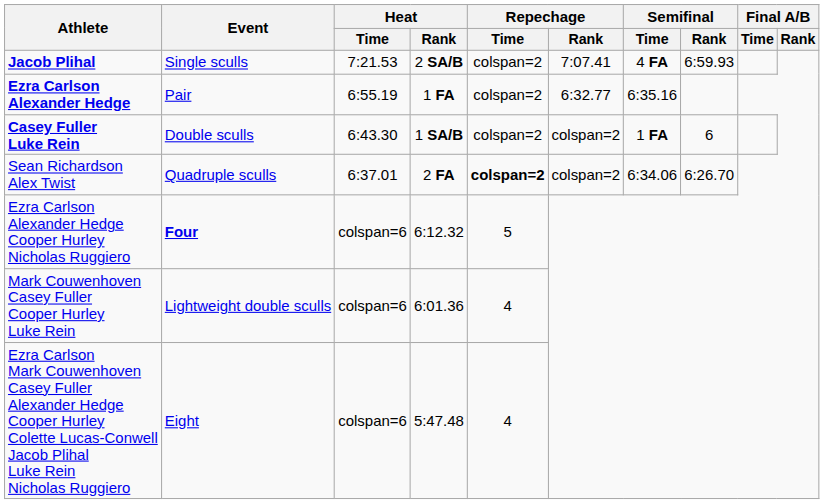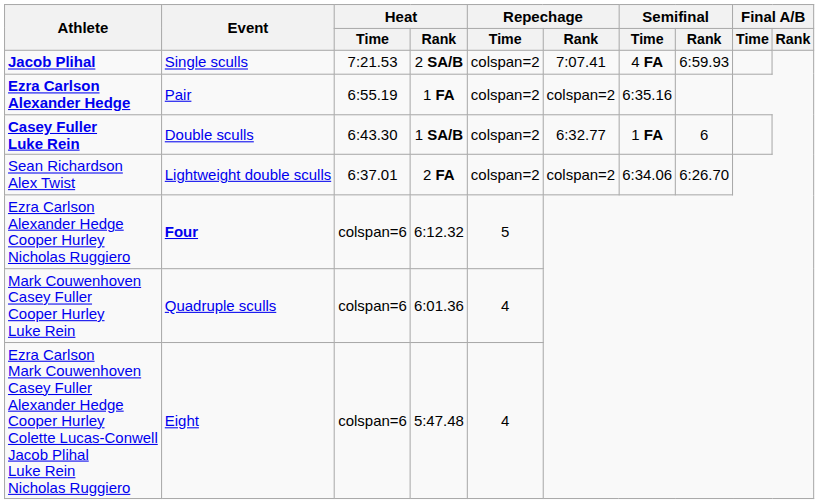 <table class=wikitable style=font-size:90%;text-align:center>
 <tr>
 <th rowspan=2>Athlete</th>
 <th rowspan=2>Event</th>
 <th colspan=2>Heat</th>
 <th colspan=2>Repechage</th>
 <th colspan=2>Semifinal</th>
 <th colspan=2>Final A/B</th>
 </tr>
 <tr style=font-size:95%>
 <th>Time</th>
 <th>Rank</th>
 <th>Time</th>
 <th>Rank</th>
 <th>Time</th>
 <th>Rank</th>
 <th>Time</th>
 <th>Rank</th>
 </tr>
 <tr>
 <td align=left><strong><a href='#'>Jacob Plihal</a></strong></td>
 <td align=left><a href='#'>Single sculls</a></td>
 <td>7:21.53</td>
 <td>2 <strong>SA/B</strong></td>
 <td>colspan=2 </td>
 <td>7:07.41</td>
 <td>4 <strong>FA</strong></td>
 <td>6:59.93</td>
 <td></td>
 </tr>
 <tr>
 <td align=left><strong><a href='#'>Ezra Carlson</a><br><a href='#'>Alexander Hedge</a></strong></td>
 <td align=left><a href='#'>Pair</a></td>
 <td>6:55.19</td>
 <td>1 <strong>FA</strong></td>
 <td>colspan=2 </td>
-<td>6:32.77</td>
+<td>colspan=2 </td>
 <td>6:35.16</td>
 <td></td>
 </tr>
 <tr>
 <td align=left><strong><a href='#'>Casey Fuller</a><br><a href='#'>Luke Rein</a></strong></td>
 <td align=left><a href='#'>Double sculls</a></td>
 <td>6:43.30</td>
 <td>1 <strong>SA/B</strong></td>
 <td>colspan=2 </td>
-<td>colspan=2 </td>
+<td>6:32.77</td>
 <td>1 <strong>FA</strong></td>
 <td>6</td>
 <td></td>
 </tr>
 <tr>
 <td align=left><a href='#'>Sean Richardson</a><br><a href='#'>Alex Twist</a></td>
-<td align=left><a href='#'>Quadruple sculls</a></td>
+<td align=left><a href='#'>Lightweight double sculls</a></td>
 <td>6:37.01</td>
 <td>2 <strong>FA</strong></td>
-<td><strong>colspan=2 </strong></td>
+<td>colspan=2 </td>
 <td>colspan=2 </td>
 <td>6:34.06</td>
 <td>6:26.70</td>
 </tr>
 <tr>
 <td align=left><a href='#'>Ezra Carlson</a><br><a href='#'>Alexander Hedge</a><br><a href='#'>Cooper Hurley</a><br><a href='#'>Nicholas Ruggiero</a></td>
 <td align=left><strong><a href='#'>Four</a></strong></td>
 <td>colspan=6 </td>
 <td>6:12.32</td>
 <td>5</td>
 </tr>
 <tr>
 <td align=left><a href='#'>Mark Couwenhoven</a><br><a href='#'>Casey Fuller</a><br><a href='#'>Cooper Hurley</a><br><a href='#'>Luke Rein</a></td>
-<td align=left><a href='#'>Lightweight double sculls</a></td>
+<td align=left><a href='#'>Quadruple sculls</a></td>
 <td>colspan=6 </td>
 <td>6:01.36</td>
 <td>4</td>
 </tr>
 <tr>
 <td align=left><a href='#'>Ezra Carlson</a><br><a href='#'>Mark Couwenhoven</a><br><a href='#'>Casey Fuller</a><br><a href='#'>Alexander Hedge</a><br><a href='#'>Cooper Hurley</a><br><a href='#'>Colette Lucas-Conwell</a><br><a href='#'>Jacob Plihal</a><br><a href='#'>Luke Rein</a><br><a href='#'>Nicholas Ruggiero</a></td>
 <td align=left><a href='#'>Eight</a></td>
 <td>colspan=6 </td>
 <td>5:47.48</td>
 <td>4</td>
 </tr>
 </table>
